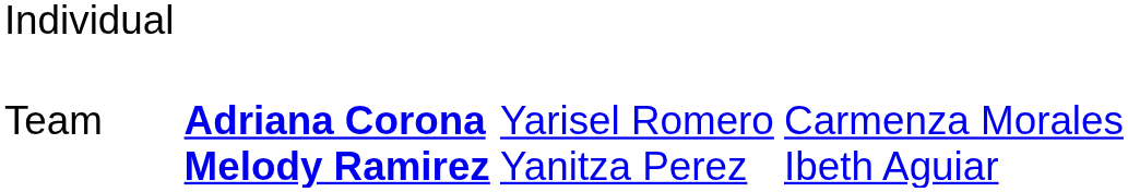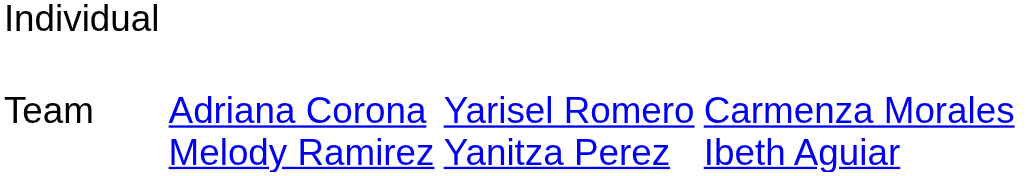 <table>
 <tr>
 <td>Individual</td>
 <td></td>
 <td></td>
 <td></td>
 </tr>
 <tr>
 <td>Team</td>
-<td><strong><br><a href='#'>Adriana Corona</a><br><a href='#'>Melody Ramirez</a></strong></td>
+<td><br><a href='#'>Adriana Corona</a><br><a href='#'>Melody Ramirez</a></td>
 <td><br><a href='#'>Yarisel Romero</a><br><a href='#'>Yanitza Perez</a></td>
 <td><br><a href='#'>Carmenza Morales</a><br><a href='#'>Ibeth Aguiar</a></td>
 </tr>
 </table>
